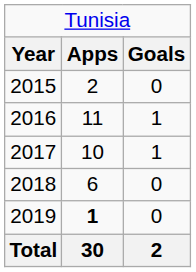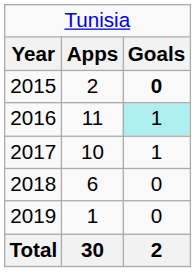 <table class="wikitable" style="text-align:center">
 <tr>
 <td colspan="3"><a href='#'>Tunisia</a></td>
 </tr>
 <tr>
 <th>Year</th>
 <th>Apps</th>
 <th>Goals</th>
 </tr>
 <tr>
 <td>2015</td>
 <td>2</td>
-<td>0</td>
+<td><strong>0</strong></td>
 </tr>
 <tr>
 <td>2016</td>
 <td>11</td>
-<td>1</td>
+<td style="background: paleturquoise;">1</td>
 </tr>
 <tr>
 <td>2017</td>
 <td>10</td>
 <td>1</td>
 </tr>
 <tr>
 <td>2018</td>
 <td>6</td>
 <td>0</td>
 </tr>
 <tr>
 <td>2019</td>
-<td><strong>1</strong></td>
+<td>1</td>
 <td>0</td>
 </tr>
 <tr>
 <th>Total</th>
 <th>30</th>
 <th>2</th>
 </tr>
 </table>
